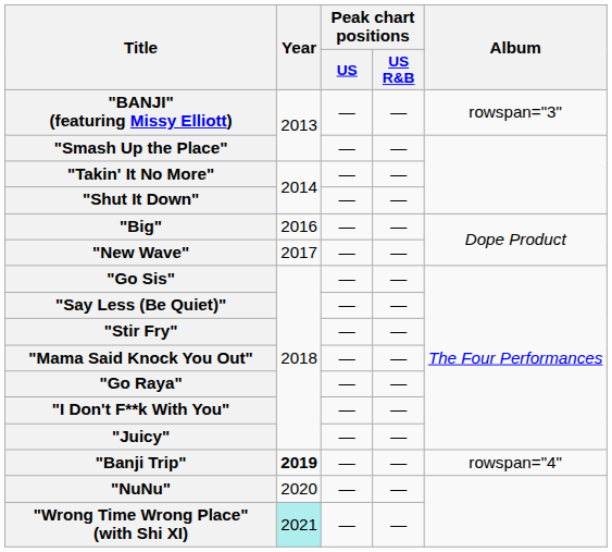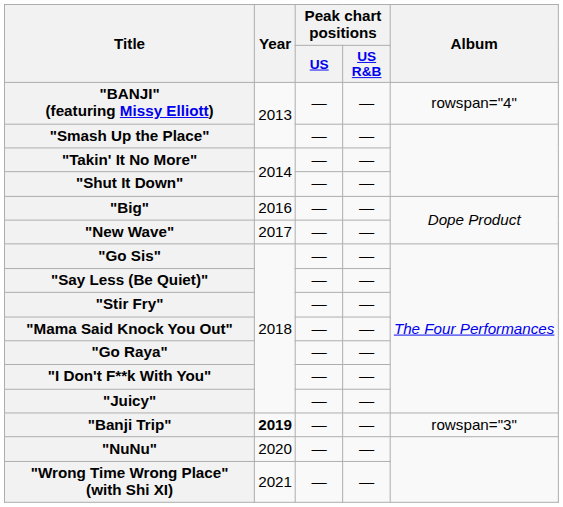 <table class="wikitable plainrowheaders" style="text-align:center;" border="1">
 <tr>
 <th scope="col" rowspan="2" style="width:16em;">Title</th>
 <th scope="col" rowspan="2">Year</th>
 <th scope="col" colspan="2">Peak chart positions</th>
 <th scope="col" rowspan="2">Album</th>
 </tr>
 <tr>
 <th scope="col" style="width:3em;font-size:90%;"><a href='#'>US</a></th>
 <th scope="col" style="width:3em;font-size:90%;"><a href='#'>US R&B</a></th>
 </tr>
 <tr>
 <th scope="row">"BANJI" <br><span>(featuring <a href='#'>Missy Elliott</a>)</span></th>
 <td rowspan="2">2013</td>
 <td>—</td>
 <td>—</td>
-<td>rowspan="3" </td>
+<td>rowspan="4" </td>
 </tr>
 <tr>
 <th scope="row">"Smash Up the Place"</th>
 <td>—</td>
 <td>—</td>
 </tr>
 <tr>
 <th scope="row">"Takin' It No More"</th>
 <td rowspan="2">2014</td>
 <td>—</td>
 <td>—</td>
 </tr>
 <tr>
 <th scope="row">"Shut It Down"</th>
 <td>—</td>
 <td>—</td>
 </tr>
 <tr>
 <th scope="row">"Big"</th>
 <td>2016</td>
 <td>—</td>
 <td>—</td>
 <td rowspan="2"><em>Dope Product</em></td>
 </tr>
 <tr>
 <th scope="row">"New Wave"</th>
 <td>2017</td>
 <td>—</td>
 <td>—</td>
 </tr>
 <tr>
 <th scope="row">"Go Sis"</th>
 <td rowspan="7">2018</td>
 <td>—</td>
 <td>—</td>
 <td rowspan="7"><em><a href='#'>The Four Performances</a></em></td>
 </tr>
 <tr>
 <th scope="row">"Say Less (Be Quiet)"</th>
 <td>—</td>
 <td>—</td>
 </tr>
 <tr>
 <th scope="row">"Stir Fry"</th>
 <td>—</td>
 <td>—</td>
 </tr>
 <tr>
 <th scope="row">"Mama Said Knock You Out"</th>
 <td>—</td>
 <td>—</td>
 </tr>
 <tr>
 <th scope="row">"Go Raya"</th>
 <td>—</td>
 <td>—</td>
 </tr>
 <tr>
 <th scope="row">"I Don't F**k With You"</th>
 <td>—</td>
 <td>—</td>
 </tr>
 <tr>
 <th scope="row">"Juicy"</th>
 <td>—</td>
 <td>—</td>
 </tr>
 <tr>
 <th scope="row">"Banji Trip"</th>
 <td><strong>2019</strong></td>
 <td>—</td>
 <td>—</td>
-<td>rowspan="4" </td>
+<td>rowspan="3" </td>
 </tr>
 <tr>
 <th scope="row">"NuNu"</th>
 <td>2020</td>
 <td>—</td>
 <td>—</td>
 </tr>
 <tr>
 <th scope="row">"Wrong Time Wrong Place"<br><span>(with Shi XI)</span></th>
-<td style="background: paleturquoise;">2021</td>
+<td>2021</td>
 <td>—</td>
 <td>—</td>
 </tr>
 </table>
